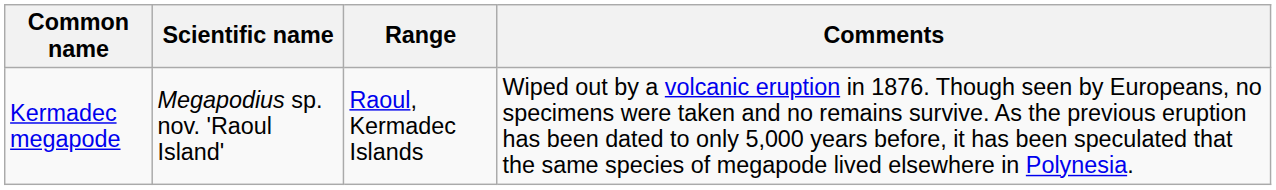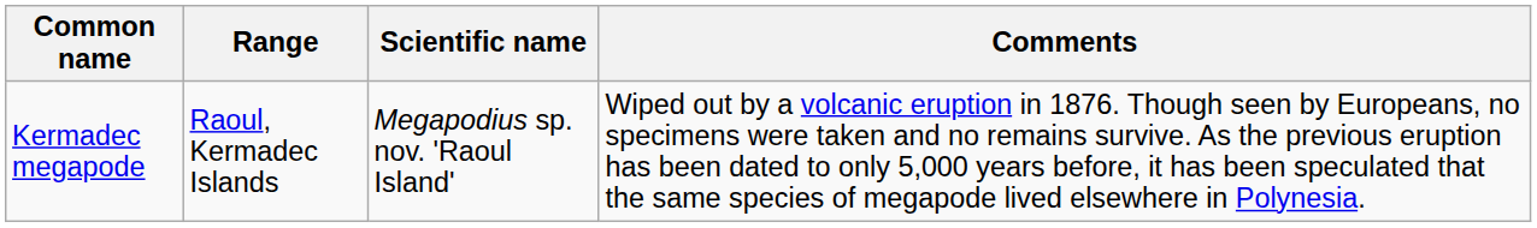 <table class="wikitable">
 <tr>
 <th>Common name</th>
+<th>Range</th>
 <th>Scientific name</th>
-<th>Range</th>
 <th class="unsortable">Comments</th>
 </tr>
 <tr>
 <td><a href='#'>Kermadec megapode</a></td>
+<td><a href='#'>Raoul</a>, Kermadec Islands</td>
 <td><em>Megapodius</em> sp. nov. 'Raoul Island'</td>
-<td><a href='#'>Raoul</a>, Kermadec Islands</td>
 <td>Wiped out by a <a href='#'>volcanic eruption</a> in 1876. Though seen by Europeans, no specimens were taken and no remains survive. As the previous eruption has been dated to only 5,000 years before, it has been speculated that the same species of megapode lived elsewhere in <a href='#'>Polynesia</a>.</td>
 </tr>
 </table>
